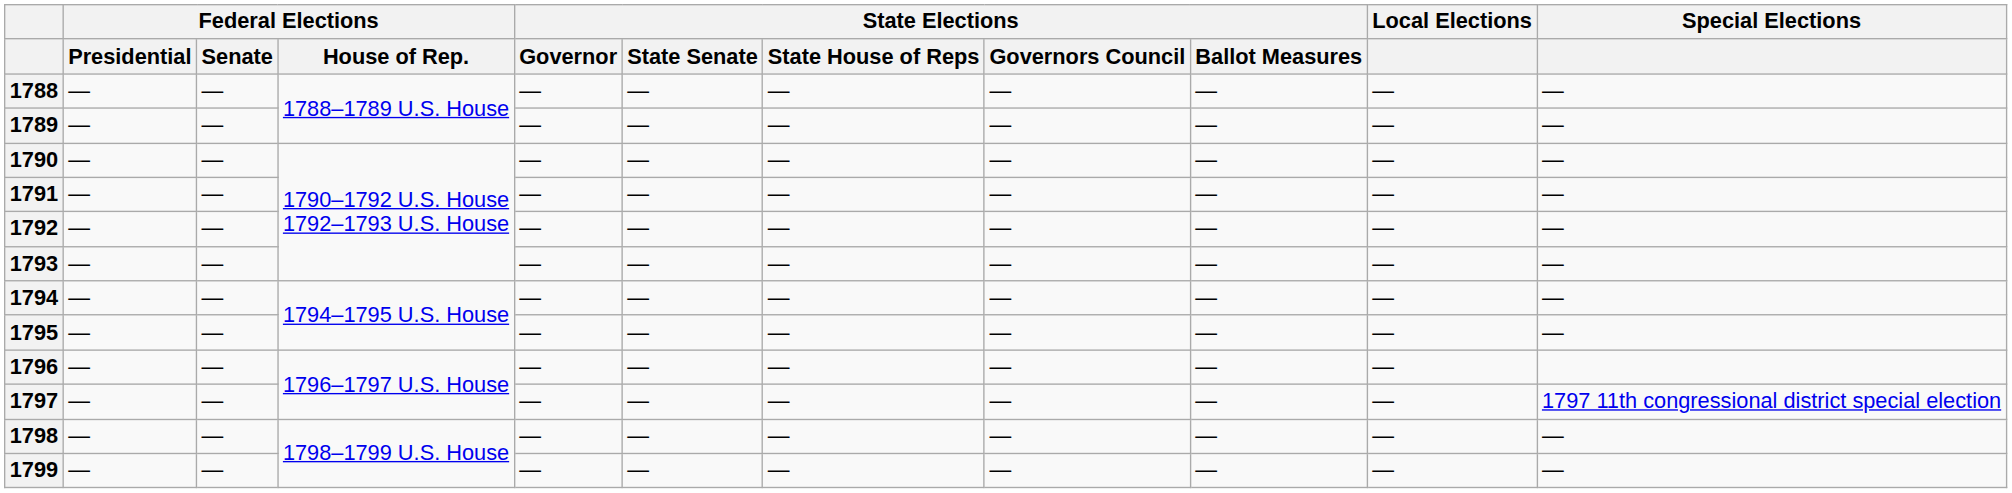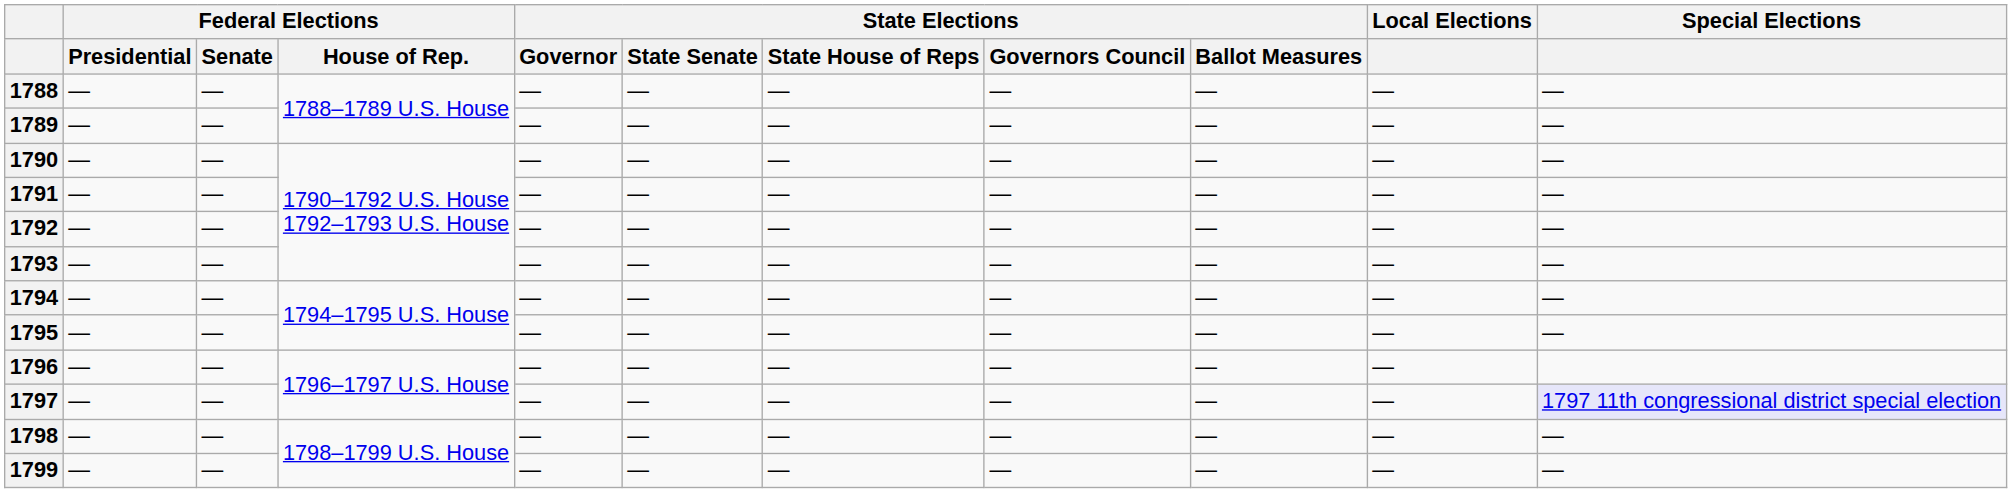 <table class="wikitable mw-collapsible">
 <tr>
 <th></th>
 <th colspan=3>Federal Elections</th>
 <th colspan=5>State Elections</th>
 <th>Local Elections</th>
 <th>Special Elections</th>
 </tr>
 <tr>
 <th></th>
 <th>Presidential</th>
 <th>Senate</th>
 <th>House of Rep.</th>
 <th>Governor</th>
 <th>State Senate</th>
 <th>State House of Reps</th>
 <th>Governors Council</th>
 <th>Ballot Measures</th>
 <th></th>
 <th></th>
 </tr>
 <tr>
 <th>1788</th>
 <td>—</td>
 <td>—</td>
 <td rowspan=2><a href='#'>1788–1789 U.S. House</a></td>
 <td>—</td>
 <td>—</td>
 <td>—</td>
 <td>—</td>
 <td>—</td>
 <td>—</td>
 <td>—</td>
 </tr>
 <tr>
 <th>1789</th>
 <td>—</td>
 <td>—</td>
 <td>—</td>
 <td>—</td>
 <td>—</td>
 <td>—</td>
 <td>—</td>
 <td>—</td>
 <td>—</td>
 </tr>
 <tr>
 <th>1790</th>
 <td>—</td>
 <td>—</td>
 <td rowspan=4><a href='#'>1790–1792 U.S. House</a><br><a href='#'>1792–1793 U.S. House</a></td>
 <td>—</td>
 <td>—</td>
 <td>—</td>
 <td>—</td>
 <td>—</td>
 <td>—</td>
 <td>—</td>
 </tr>
 <tr>
 <th>1791</th>
 <td>—</td>
 <td>—</td>
 <td>—</td>
 <td>—</td>
 <td>—</td>
 <td>—</td>
 <td>—</td>
 <td>—</td>
 <td>—</td>
 </tr>
 <tr>
 <th>1792</th>
 <td>—</td>
 <td>—</td>
 <td>—</td>
 <td>—</td>
 <td>—</td>
 <td>—</td>
 <td>—</td>
 <td>—</td>
 <td>—</td>
 </tr>
 <tr>
 <th>1793</th>
 <td>—</td>
 <td>—</td>
 <td>—</td>
 <td>—</td>
 <td>—</td>
 <td>—</td>
 <td>—</td>
 <td>—</td>
 <td>—</td>
 </tr>
 <tr>
 <th>1794</th>
 <td>—</td>
 <td>—</td>
 <td rowspan=2><a href='#'>1794–1795 U.S. House</a></td>
 <td>—</td>
 <td>—</td>
 <td>—</td>
 <td>—</td>
 <td>—</td>
 <td>—</td>
 <td>—</td>
 </tr>
 <tr>
 <th>1795</th>
 <td>—</td>
 <td>—</td>
 <td>—</td>
 <td>—</td>
 <td>—</td>
 <td>—</td>
 <td>—</td>
 <td>—</td>
 <td>—</td>
 </tr>
 <tr>
 <th>1796</th>
 <td>—</td>
 <td>—</td>
 <td rowspan=2><a href='#'>1796–1797 U.S. House</a></td>
 <td>—</td>
 <td>—</td>
 <td>—</td>
 <td>—</td>
 <td>—</td>
 <td>—</td>
 <td></td>
 </tr>
 <tr>
 <th>1797</th>
 <td>—</td>
 <td>—</td>
 <td>—</td>
 <td>—</td>
 <td>—</td>
 <td>—</td>
 <td>—</td>
 <td>—</td>
-<td><a href='#'>1797 11th congressional district special election</a></td>
+<td style="background: lavender;"><a href='#'>1797 11th congressional district special election</a></td>
 </tr>
 <tr>
 <th>1798</th>
 <td>—</td>
 <td>—</td>
 <td rowspan=2><a href='#'>1798–1799 U.S. House</a></td>
 <td>—</td>
 <td>—</td>
 <td>—</td>
 <td>—</td>
 <td>—</td>
 <td>—</td>
 <td>—</td>
 </tr>
 <tr>
 <th>1799</th>
 <td>—</td>
 <td>—</td>
 <td>—</td>
 <td>—</td>
 <td>—</td>
 <td>—</td>
 <td>—</td>
 <td>—</td>
 <td>—</td>
 </tr>
 </table>
